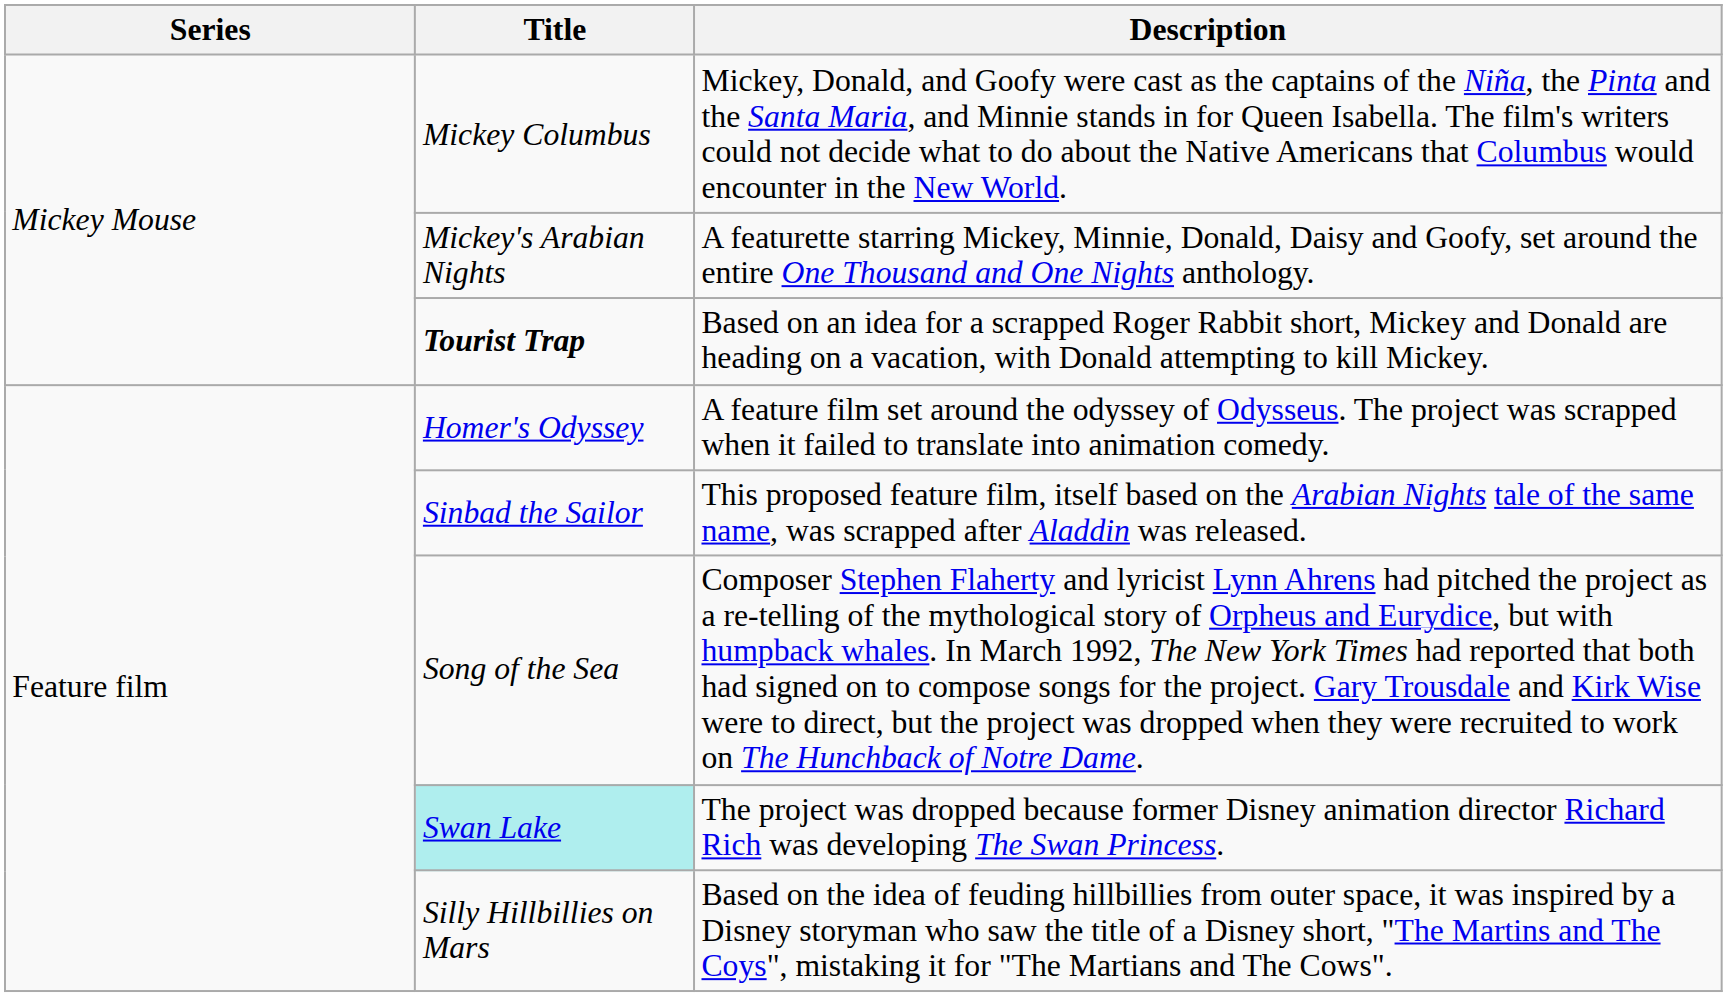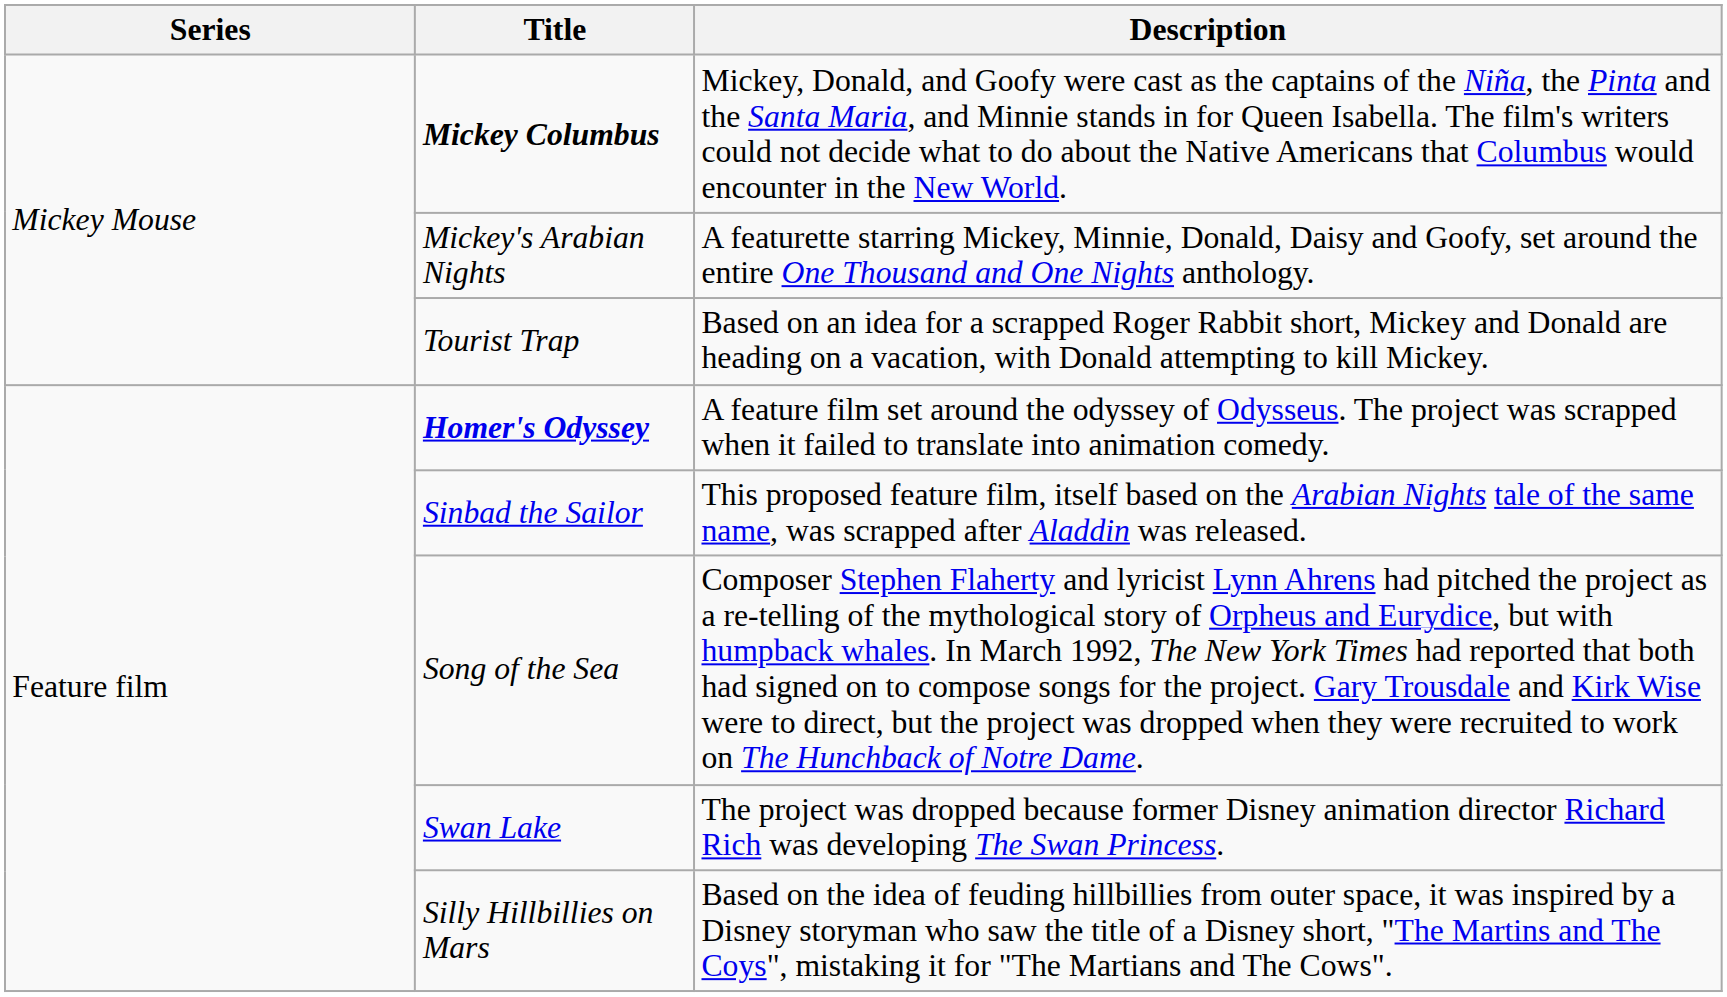 <table class="wikitable">
 <tr>
 <th style="width:150pt;">Series</th>
 <th style="width:100pt;">Title</th>
 <th>Description</th>
 </tr>
 <tr>
 <td rowspan="3"><em>Mickey Mouse</em></td>
-<td><em>Mickey Columbus</em></td>
+<td><strong><em>Mickey Columbus</em></strong></td>
 <td>Mickey, Donald, and Goofy were cast as the captains of the <em><a href='#'>Niña</a></em>, the <em><a href='#'>Pinta</a></em> and the <em><a href='#'>Santa Maria</a></em>, and Minnie stands in for Queen Isabella. The film's writers could not decide what to do about the Native Americans that <a href='#'>Columbus</a> would encounter in the <a href='#'>New World</a>.</td>
 </tr>
 <tr>
 <td><em>Mickey's Arabian Nights</em></td>
 <td>A featurette starring Mickey, Minnie, Donald, Daisy and Goofy, set around the entire <em><a href='#'>One Thousand and One Nights</a></em> anthology.</td>
 </tr>
 <tr>
-<td><strong><em>Tourist Trap</em></strong></td>
+<td><em>Tourist Trap</em></td>
 <td>Based on an idea for a scrapped Roger Rabbit short, Mickey and Donald are heading on a vacation, with Donald attempting to kill Mickey.</td>
 </tr>
 <tr>
 <td rowspan="5">Feature film</td>
-<td><em><a href='#'>Homer's Odyssey</a></em></td>
+<td><strong><em><a href='#'>Homer's Odyssey</a></em></strong></td>
 <td>A feature film set around the odyssey of <a href='#'>Odysseus</a>. The project was scrapped when it failed to translate into animation comedy.</td>
 </tr>
 <tr>
 <td><em><a href='#'>Sinbad the Sailor</a></em></td>
 <td>This proposed feature film, itself based on the <em><a href='#'>Arabian Nights</a></em> <a href='#'>tale of the same name</a>, was scrapped after <em><a href='#'>Aladdin</a></em> was released.</td>
 </tr>
 <tr>
 <td><em>Song of the Sea</em></td>
 <td>Composer <a href='#'>Stephen Flaherty</a> and lyricist <a href='#'>Lynn Ahrens</a> had pitched the project as a re-telling of the mythological story of <a href='#'>Orpheus and Eurydice</a>, but with <a href='#'>humpback whales</a>. In March 1992, <em>The New York Times</em> had reported that both had signed on to compose songs for the project. <a href='#'>Gary Trousdale</a> and <a href='#'>Kirk Wise</a> were to direct, but the project was dropped when they were recruited to work on <em><a href='#'>The Hunchback of Notre Dame</a></em>.</td>
 </tr>
 <tr>
-<td style="background: paleturquoise;"><em><a href='#'>Swan Lake</a></em></td>
+<td><em><a href='#'>Swan Lake</a></em></td>
 <td>The project was dropped because former Disney animation director <a href='#'>Richard Rich</a> was developing <em><a href='#'>The Swan Princess</a></em>.</td>
 </tr>
 <tr>
 <td><em>Silly Hillbillies on Mars</em></td>
 <td>Based on the idea of feuding hillbillies from outer space, it was inspired by a Disney storyman who saw the title of a Disney short, "<a href='#'>The Martins and The Coys</a>", mistaking it for "The Martians and The Cows".</td>
 </tr>
 </table>
